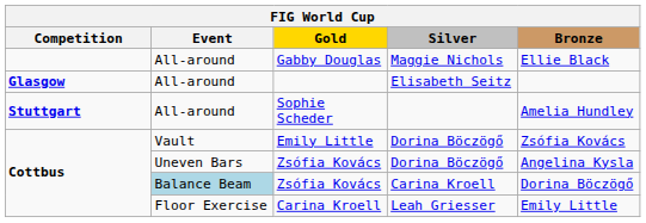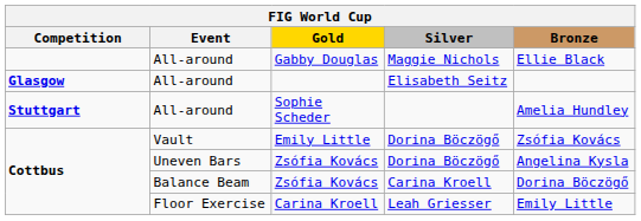 <table class="wikitable" style="width:70%;">
 <tr>
 <th colspan=6>FIG World Cup</th>
 </tr>
 <tr>
 <th style="text-align:center; width:5%;">Competition</th>
 <th style="text-align:center; width:5%;">Event</th>
 <td style="text-align:center; width:5%; background:gold;"><strong>Gold</strong></td>
 <td style="text-align:center; width:5%; background:silver;"><strong>Silver</strong></td>
 <td style="text-align:center; width:5%; background:#c96;"><strong>Bronze</strong></td>
 </tr>
 <tr>
 <td></td>
 <td>All-around</td>
 <td> <a href='#'>Gabby Douglas</a></td>
 <td> <a href='#'>Maggie Nichols</a></td>
 <td> <a href='#'>Ellie Black</a></td>
 </tr>
 <tr>
 <td> <strong><a href='#'>Glasgow</a></strong></td>
 <td>All-around</td>
 <td></td>
 <td> <a href='#'>Elisabeth Seitz</a></td>
 <td></td>
 </tr>
 <tr>
 <td> <strong><a href='#'>Stuttgart</a></strong></td>
 <td>All-around</td>
 <td> <a href='#'>Sophie Scheder</a></td>
 <td></td>
 <td> <a href='#'>Amelia Hundley</a></td>
 </tr>
 <tr>
 <td rowspan=4> <strong>Cottbus</strong></td>
 <td>Vault</td>
 <td> <a href='#'>Emily Little</a></td>
 <td> <a href='#'>Dorina Böczögő</a></td>
 <td> <a href='#'>Zsófia Kovács</a></td>
 </tr>
 <tr>
 <td>Uneven Bars</td>
 <td> <a href='#'>Zsófia Kovács</a></td>
 <td> <a href='#'>Dorina Böczögő</a></td>
 <td> <a href='#'>Angelina Kysla</a></td>
 </tr>
 <tr>
-<td style="background: lightblue;">Balance Beam</td>
+<td>Balance Beam</td>
 <td> <a href='#'>Zsófia Kovács</a></td>
 <td> <a href='#'>Carina Kroell</a></td>
 <td> <a href='#'>Dorina Böczögő</a></td>
 </tr>
 <tr>
 <td>Floor Exercise</td>
 <td> <a href='#'>Carina Kroell</a></td>
 <td> <a href='#'>Leah Griesser</a></td>
 <td> <a href='#'>Emily Little</a></td>
 </tr>
 </table>
